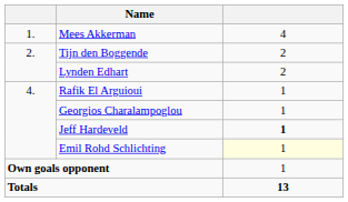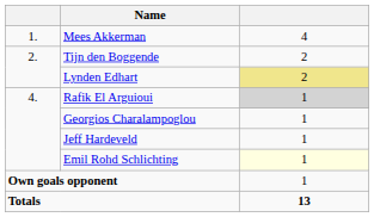 <table class="wikitable" style="font-size: 95%; text-align: center;">
 <tr>
 <th style="width: 60px;"></th>
 <th style="width: 210px;">Name</th>
 <th style="width: 150px;"></th>
 </tr>
 <tr>
 <td rowspan="1" style="vertical-align: top;">1.</td>
 <td style="text-align: left;"><strong></strong> <a href='#'>Mees Akkerman</a></td>
 <td>4</td>
 </tr>
 <tr>
 <td rowspan="2" style="vertical-align: top;">2.</td>
 <td style="text-align: left;"><strong></strong> <a href='#'>Tijn den Boggende</a></td>
 <td>2</td>
 </tr>
 <tr>
 <td style="text-align: left;"><strong></strong> <a href='#'>Lynden Edhart</a></td>
-<td>2</td>
+<td style="background: khaki;">2</td>
 </tr>
 <tr>
 <td rowspan="4" style="vertical-align: top;">4.</td>
 <td style="text-align: left;"><strong></strong> <a href='#'>Rafik El Arguioui</a></td>
-<td>1</td>
+<td style="background: lightgrey;">1</td>
 </tr>
 <tr>
 <td style="text-align: left;"><strong></strong> <a href='#'>Georgios Charalampoglou</a></td>
 <td>1</td>
 </tr>
 <tr>
 <td style="text-align: left;"><strong></strong> <a href='#'>Jeff Hardeveld</a></td>
-<td><strong>1</strong></td>
+<td>1</td>
 </tr>
 <tr>
 <td style="text-align: left;"><strong></strong> <a href='#'>Emil Rohd Schlichting</a></td>
 <td style="background: lightyellow;">1</td>
 </tr>
 <tr>
 <td colspan="2" style="text-align: left;"><strong>Own goals opponent</strong></td>
 <td>1</td>
 </tr>
 <tr>
 <td colspan="2" style="text-align: left;"><strong>Totals</strong></td>
 <td><strong>13</strong></td>
 </tr>
 </table>
